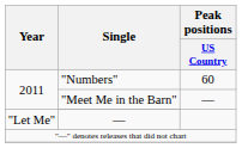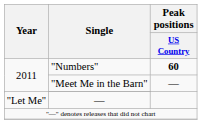 <table class="wikitable" style=text-align:center;>
 <tr>
 <th rowspan="2">Year</th>
 <th rowspan="2">Single</th>
 <th colspan="1">Peak positions</th>
 </tr>
 <tr style="font-size:smaller;">
 <th width="65"><a href='#'>US Country</a></th>
 </tr>
 <tr>
 <td rowspan="3">2011</td>
 <td align="left">"Numbers"</td>
-<td>60</td>
+<td><strong>60</strong></td>
 </tr>
 <tr>
 <td align="left">"Meet Me in the Barn"</td>
 <td>—</td>
 </tr>
 <tr>
 </tr>
 <tr>
 <td align="left">"Let Me"</td>
 <td>—</td>
 </tr>
 <tr>
 <td colspan="3" style="font-size:8pt">"—" denotes releases that did not chart</td>
 </tr>
 <tr>
 </tr>
 </table>
